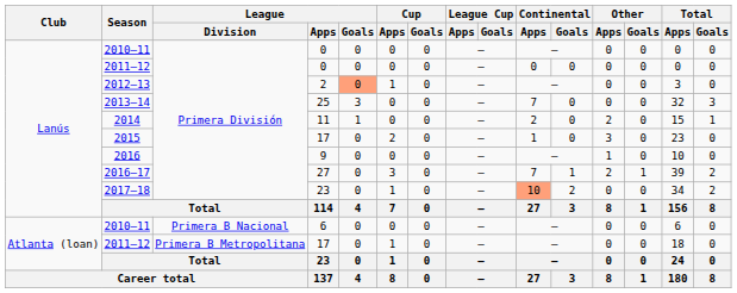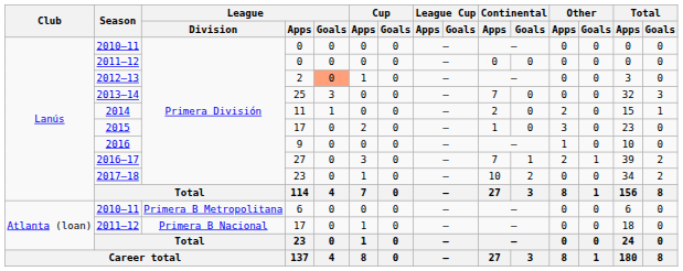 <table class="wikitable" style="text-align:center">
 <tr>
 <th rowspan="2">Club</th>
 <th rowspan="2">Season</th>
 <th colspan="3">League</th>
 <th colspan="2">Cup</th>
 <th colspan="2">League Cup</th>
 <th colspan="2">Continental</th>
 <th colspan="2">Other</th>
 <th colspan="2">Total</th>
 </tr>
 <tr>
 <th>Division</th>
 <th>Apps</th>
 <th>Goals</th>
 <th>Apps</th>
 <th>Goals</th>
 <th>Apps</th>
 <th>Goals</th>
 <th>Apps</th>
 <th>Goals</th>
 <th>Apps</th>
 <th>Goals</th>
 <th>Apps</th>
 <th>Goals</th>
 </tr>
 <tr>
 <td rowspan="10"><a href='#'>Lanús</a></td>
 <td><a href='#'>2010–11</a></td>
 <td rowspan="9"><a href='#'>Primera División</a></td>
 <td>0</td>
 <td>0</td>
 <td>0</td>
 <td>0</td>
 <td colspan="2">—</td>
 <td colspan="2">—</td>
 <td>0</td>
 <td>0</td>
 <td>0</td>
 <td>0</td>
 </tr>
 <tr>
 <td><a href='#'>2011–12</a></td>
 <td>0</td>
 <td>0</td>
 <td>0</td>
 <td>0</td>
 <td colspan="2">—</td>
 <td>0</td>
 <td>0</td>
 <td>0</td>
 <td>0</td>
 <td>0</td>
 <td>0</td>
 </tr>
 <tr>
 <td><a href='#'>2012–13</a></td>
 <td>2</td>
 <td style="background: lightsalmon;">0</td>
 <td>1</td>
 <td>0</td>
 <td colspan="2">—</td>
 <td colspan="2">—</td>
 <td>0</td>
 <td>0</td>
 <td>3</td>
 <td>0</td>
 </tr>
 <tr>
 <td><a href='#'>2013–14</a></td>
 <td>25</td>
 <td>3</td>
 <td>0</td>
 <td>0</td>
 <td colspan="2">—</td>
 <td>7</td>
 <td>0</td>
 <td>0</td>
 <td>0</td>
 <td>32</td>
 <td>3</td>
 </tr>
 <tr>
 <td><a href='#'>2014</a></td>
 <td>11</td>
 <td>1</td>
 <td>0</td>
 <td>0</td>
 <td colspan="2">—</td>
 <td>2</td>
 <td>0</td>
 <td>2</td>
 <td>0</td>
 <td>15</td>
 <td>1</td>
 </tr>
 <tr>
 <td><a href='#'>2015</a></td>
 <td>17</td>
 <td>0</td>
 <td>2</td>
 <td>0</td>
 <td colspan="2">—</td>
 <td>1</td>
 <td>0</td>
 <td>3</td>
 <td>0</td>
 <td>23</td>
 <td>0</td>
 </tr>
 <tr>
 <td><a href='#'>2016</a></td>
 <td>9</td>
 <td>0</td>
 <td>0</td>
 <td>0</td>
 <td colspan="2">—</td>
 <td colspan="2">—</td>
 <td>1</td>
 <td>0</td>
 <td>10</td>
 <td>0</td>
 </tr>
 <tr>
 <td><a href='#'>2016–17</a></td>
 <td>27</td>
 <td>0</td>
 <td>3</td>
 <td>0</td>
 <td colspan="2">—</td>
 <td>7</td>
 <td>1</td>
 <td>2</td>
 <td>1</td>
 <td>39</td>
 <td>2</td>
 </tr>
 <tr>
 <td><a href='#'>2017–18</a></td>
 <td>23</td>
 <td>0</td>
 <td>1</td>
 <td>0</td>
 <td colspan="2">—</td>
-<td style="background: lightsalmon;">10</td>
+<td>10</td>
 <td>2</td>
 <td>0</td>
 <td>0</td>
 <td>34</td>
 <td>2</td>
 </tr>
 <tr>
 <th colspan="2">Total</th>
 <th>114</th>
 <th>4</th>
 <th>7</th>
 <th>0</th>
 <th colspan="2">—</th>
 <th>27</th>
 <th>3</th>
 <th>8</th>
 <th>1</th>
 <th>156</th>
 <th>8</th>
 </tr>
 <tr>
 <td rowspan="3"><a href='#'>Atlanta</a> (loan)</td>
 <td><a href='#'>2010–11</a></td>
-<td rowspan="1"><a href='#'>Primera B Nacional</a></td>
+<td rowspan="1"><a href='#'>Primera B Metropolitana</a></td>
 <td>6</td>
 <td>0</td>
 <td>0</td>
 <td>0</td>
 <td colspan="2">—</td>
 <td colspan="2">—</td>
 <td>0</td>
 <td>0</td>
 <td>6</td>
 <td>0</td>
 </tr>
 <tr>
 <td><a href='#'>2011–12</a></td>
-<td rowspan="1"><a href='#'>Primera B Metropolitana</a></td>
+<td rowspan="1"><a href='#'>Primera B Nacional</a></td>
 <td>17</td>
 <td>0</td>
 <td>1</td>
 <td>0</td>
 <td colspan="2">—</td>
 <td colspan="2">—</td>
 <td>0</td>
 <td>0</td>
 <td>18</td>
 <td>0</td>
 </tr>
 <tr>
 <th colspan="2">Total</th>
 <th>23</th>
 <th>0</th>
 <th>1</th>
 <th>0</th>
 <th colspan="2">—</th>
 <th colspan="2">—</th>
 <th>0</th>
 <th>0</th>
 <th>24</th>
 <th>0</th>
 </tr>
 <tr>
 <th colspan="3">Career total</th>
 <th>137</th>
 <th>4</th>
 <th>8</th>
 <th>0</th>
 <th colspan="2">—</th>
 <th>27</th>
 <th>3</th>
 <th>8</th>
 <th>1</th>
 <th>180</th>
 <th>8</th>
 </tr>
 </table>
